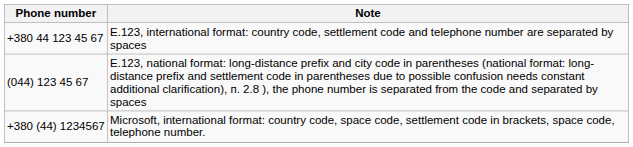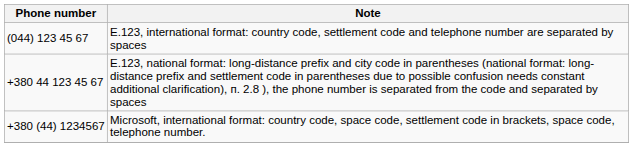 <table class="wikitable">
 <tr>
 <th>Phone number</th>
 <th>Note</th>
 </tr>
 <tr>
-<td>+380 44 123 45 67</td>
+<td>(044) 123 45 67</td>
 <td>E.123, international format: country code, settlement code and telephone number are separated by spaces</td>
 </tr>
 <tr>
-<td>(044) 123 45 67</td>
+<td>+380 44 123 45 67</td>
 <td>E.123, national format: long-distance prefix and city code in parentheses (national format: long-distance prefix and settlement code in parentheses due to possible confusion needs constant additional clarification), п. 2.8  ), the phone number is separated from the code and separated by spaces</td>
 </tr>
 <tr>
 <td>+380 (44) 1234567</td>
 <td>Microsoft, international format: country code, space code, settlement code in brackets, space code, telephone number.</td>
 </tr>
 <tr>
 </tr>
 </table>
